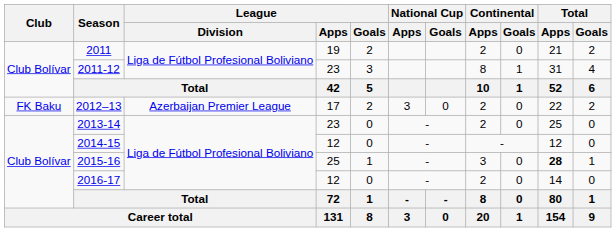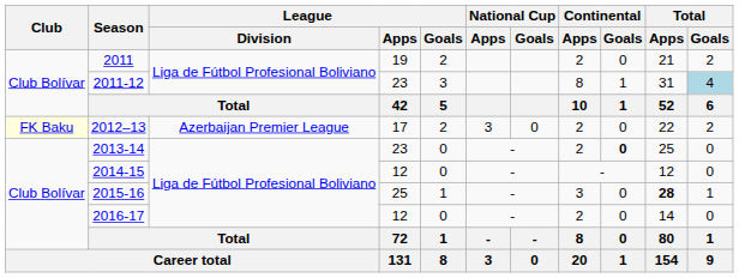 <table class="wikitable" style="text-align: center;">
 <tr>
 <th rowspan="2">Club</th>
 <th rowspan="2">Season</th>
 <th colspan="3">League</th>
 <th colspan="2">National Cup</th>
 <th colspan="2">Continental</th>
 <th colspan="2">Total</th>
 </tr>
 <tr>
 <th>Division</th>
 <th>Apps</th>
 <th>Goals</th>
 <th>Apps</th>
 <th>Goals</th>
 <th>Apps</th>
 <th>Goals</th>
 <th>Apps</th>
 <th>Goals</th>
 </tr>
 <tr>
 <td rowspan="3" valign="center"><a href='#'>Club Bolívar</a></td>
 <td><a href='#'>2011</a></td>
 <td rowspan="2" valign="center"><a href='#'>Liga de Fútbol Profesional Boliviano</a></td>
 <td>19</td>
 <td>2</td>
 <td></td>
 <td></td>
 <td>2</td>
 <td>0</td>
 <td>21</td>
 <td>2</td>
 </tr>
 <tr>
 <td><a href='#'>2011-12</a></td>
 <td>23</td>
 <td>3</td>
 <td></td>
 <td></td>
 <td>8</td>
 <td>1</td>
 <td>31</td>
-<td>4</td>
+<td style="background: lightblue;">4</td>
 </tr>
 <tr>
 <th colspan="2">Total</th>
 <th>42</th>
 <th>5</th>
 <th></th>
 <th></th>
 <th>10</th>
 <th>1</th>
 <th>52</th>
 <th>6</th>
 </tr>
 <tr>
-<td valign="center"><a href='#'>FK Baku</a></td>
+<td valign="center" style="background: lightyellow;"><a href='#'>FK Baku</a></td>
 <td><a href='#'>2012–13</a></td>
 <td><a href='#'>Azerbaijan Premier League</a></td>
 <td>17</td>
 <td>2</td>
 <td>3</td>
 <td>0</td>
 <td>2</td>
 <td>0</td>
 <td>22</td>
 <td>2</td>
 </tr>
 <tr>
 <td rowspan="5" valign="center"><a href='#'>Club Bolívar</a></td>
 <td><a href='#'>2013-14</a></td>
 <td rowspan="4" valign="center"><a href='#'>Liga de Fútbol Profesional Boliviano</a></td>
 <td>23</td>
 <td>0</td>
 <td colspan="2">-</td>
 <td>2</td>
-<td>0</td>
+<td><strong>0</strong></td>
 <td>25</td>
 <td>0</td>
 </tr>
 <tr>
 <td><a href='#'>2014-15</a></td>
 <td>12</td>
 <td>0</td>
 <td colspan="2">-</td>
 <td colspan="2">-</td>
 <td>12</td>
 <td>0</td>
 </tr>
 <tr>
 <td><a href='#'>2015-16</a></td>
 <td>25</td>
 <td>1</td>
 <td colspan="2">-</td>
 <td>3</td>
 <td>0</td>
 <td><strong>28</strong></td>
 <td>1</td>
 </tr>
 <tr>
 <td><a href='#'>2016-17</a></td>
 <td>12</td>
 <td>0</td>
 <td colspan="2">-</td>
 <td>2</td>
 <td>0</td>
 <td>14</td>
 <td>0</td>
 </tr>
 <tr>
 <th colspan="2">Total</th>
 <th>72</th>
 <th>1</th>
 <th>-</th>
 <th>-</th>
 <th>8</th>
 <th>0</th>
 <th>80</th>
 <th>1</th>
 </tr>
 <tr>
 <th colspan="3">Career total</th>
 <th>131</th>
 <th>8</th>
 <th>3</th>
 <th>0</th>
 <th>20</th>
 <th>1</th>
 <th>154</th>
 <th>9</th>
 </tr>
 </table>
